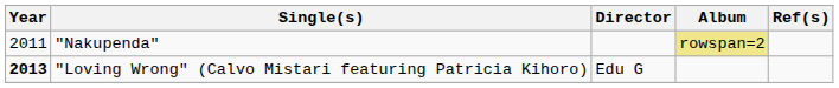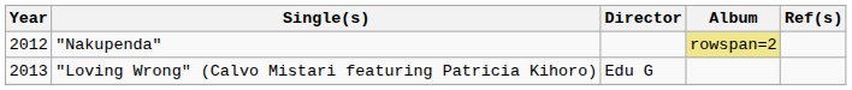 <table class="wikitable sortable">
 <tr>
 <th>Year</th>
 <th>Single(s)</th>
 <th>Director</th>
 <th>Album</th>
 <th>Ref(s)</th>
 </tr>
 <tr>
-<td>2011</td>
+<td>2012</td>
 <td>"Nakupenda"</td>
 <td></td>
 <td style="background: khaki;">rowspan=2 </td>
 <td></td>
 </tr>
 <tr>
-<td><strong>2013</strong></td>
+<td>2013</td>
 <td>"Loving Wrong" (Calvo Mistari featuring Patricia Kihoro)</td>
 <td>Edu G</td>
 <td></td>
 </tr>
 <tr>
 </tr>
 </table>
